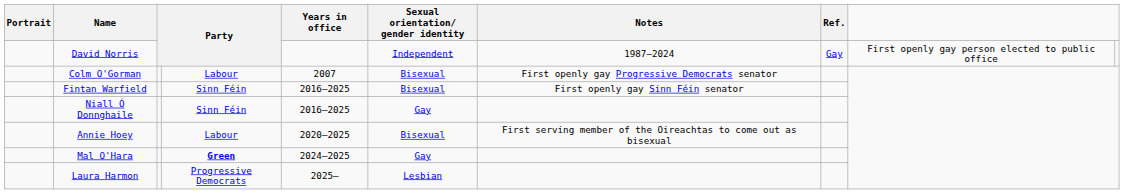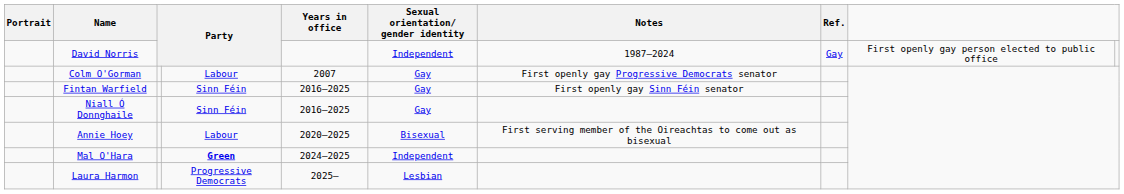 <table class="wikitable sortable" style="text-align:center">
 <tr>
 <th class=unsortable>Portrait</th>
 <th>Name</th>
 <th colspan="2" rowspan="2">Party</th>
 <th>Years in office</th>
 <th>Sexual orientation/<br>gender identity</th>
 <th>Notes</th>
 <th>Ref.</th>
 </tr>
 <tr>
 <td></td>
 <td><a href='#'>David Norris</a><br></td>
 <td style="background-color:"></td>
 <td><a href='#'>Independent</a></td>
 <td>1987–2024</td>
 <td><a href='#'>Gay</a></td>
 <td>First openly gay person elected to public office</td>
 <td></td>
 </tr>
 <tr>
 <td></td>
 <td><a href='#'>Colm O'Gorman</a><br></td>
 <td style="background-color:"></td>
 <td><a href='#'>Labour</a></td>
 <td>2007</td>
-<td><a href='#'>Bisexual</a></td>
+<td><a href='#'>Gay</a></td>
 <td>First openly gay <a href='#'>Progressive Democrats</a> senator</td>
 <td></td>
 </tr>
 <tr>
 <td></td>
 <td><a href='#'>Fintan Warfield</a><br></td>
 <td style="background-color:"></td>
 <td><a href='#'>Sinn Féin</a></td>
 <td>2016–2025</td>
-<td><a href='#'>Bisexual</a></td>
+<td><a href='#'>Gay</a></td>
 <td>First openly gay <a href='#'>Sinn Féin</a> senator</td>
 <td></td>
 </tr>
 <tr>
 <td></td>
 <td><a href='#'>Niall Ó Donnghaile</a><br></td>
 <td style="background-color:"></td>
 <td><a href='#'>Sinn Féin</a></td>
 <td>2016–2025</td>
 <td><a href='#'>Gay</a></td>
 <td></td>
 <td></td>
 </tr>
 <tr>
 <td></td>
 <td><a href='#'>Annie Hoey</a><br></td>
 <td style="background-color:"></td>
 <td><a href='#'>Labour</a></td>
 <td>2020–2025</td>
 <td><a href='#'>Bisexual</a></td>
 <td>First serving member of the Oireachtas to come out as bisexual</td>
 <td></td>
 </tr>
 <tr>
 <td></td>
 <td><a href='#'>Mal O'Hara</a><br></td>
 <td style="background-color:"></td>
 <td><strong><a href='#'>Green</a></strong></td>
 <td>2024–2025</td>
-<td><a href='#'>Gay</a></td>
+<td><a href='#'>Independent</a></td>
 <td></td>
 <td></td>
 </tr>
 <tr>
 <td></td>
 <td><a href='#'>Laura Harmon</a><br></td>
 <td style="background-color:"></td>
 <td><a href='#'>Progressive Democrats</a></td>
 <td>2025–</td>
 <td><a href='#'>Lesbian</a></td>
 <td></td>
 <td></td>
 </tr>
 </table>
